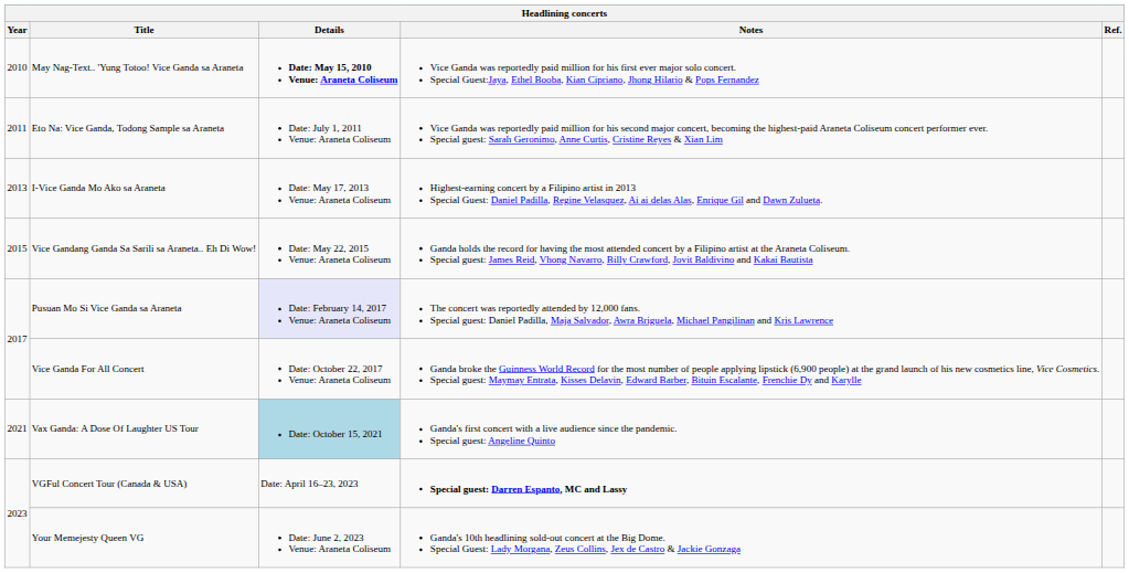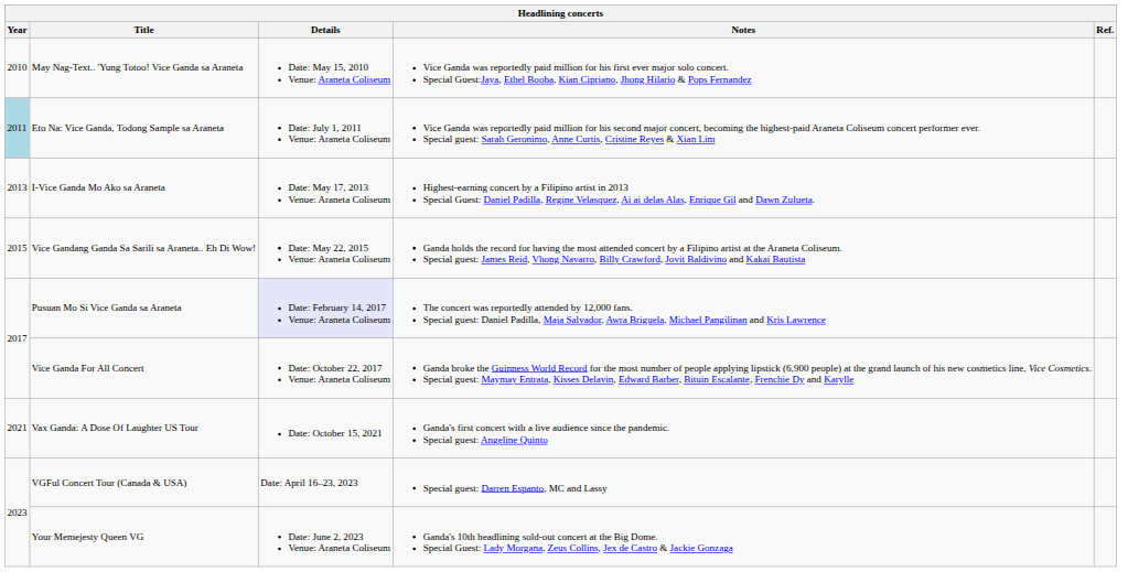 <table class="wikitable sortable" style="font-size:90%;">
 <tr style="background:#75b2dd; text-align:center;">
 <th colspan="5">Headlining concerts</th>
 </tr>
 <tr>
 <th>Year</th>
 <th>Title</th>
 <th>Details</th>
 <th>Notes</th>
 <th>Ref.</th>
 </tr>
 <tr>
 <td>2010</td>
 <td>May Nag-Text.. 'Yung Totoo! Vice Ganda sa Araneta</td>
-<td><strong><br><ul><li>Date: May 15, 2010</li><li>Venue: <a href='#'>Araneta Coliseum</a></li></ul></strong></td>
+<td><br><ul><li>Date: May 15, 2010</li><li>Venue: <a href='#'>Araneta Coliseum</a></li></ul></td>
 <td><br><ul><li>Vice Ganda was reportedly paid  million for his first ever major solo concert.</li><li>Special Guest:<a href='#'>Jaya</a>, <a href='#'>Ethel Booba</a>, <a href='#'>Kian Cipriano</a>, <a href='#'>Jhong Hilario</a> & <a href='#'>Pops Fernandez</a></li></ul></td>
 <td></td>
 </tr>
 <tr>
-<td>2011</td>
+<td style="background: lightblue;">2011</td>
 <td>Eto Na: Vice Ganda, Todong Sample sa Araneta</td>
 <td><br><ul><li>Date: July 1, 2011</li><li>Venue: Araneta Coliseum</li></ul></td>
 <td><br><ul><li>Vice Ganda was reportedly paid  million for his second major concert, becoming the highest-paid Araneta Coliseum concert performer ever.</li><li>Special guest: <a href='#'>Sarah Geronimo</a>, <a href='#'>Anne Curtis</a>, <a href='#'>Cristine Reyes</a> & <a href='#'>Xian Lim</a></li></ul></td>
 <td></td>
 </tr>
 <tr>
 <td>2013</td>
 <td>I-Vice Ganda Mo Ako sa Araneta</td>
 <td><br><ul><li>Date: May 17, 2013</li><li>Venue: Araneta Coliseum</li></ul></td>
 <td><br><ul><li>Highest-earning concert by a Filipino artist in 2013</li><li>Special Guest: <a href='#'>Daniel Padilla</a>, <a href='#'>Regine Velasquez</a>, <a href='#'>Ai ai delas Alas</a>, <a href='#'>Enrique Gil</a> and <a href='#'>Dawn Zulueta</a>.</li></ul></td>
 <td></td>
 </tr>
 <tr>
 <td>2015</td>
 <td>Vice Gandang Ganda Sa Sarili sa Araneta.. Eh Di Wow!</td>
 <td><br><ul><li>Date: May 22, 2015</li><li>Venue: Araneta Coliseum</li></ul></td>
 <td><br><ul><li>Ganda holds the record for having the most attended concert by a Filipino artist at the Araneta Coliseum.</li><li>Special guest: <a href='#'>James Reid</a>, <a href='#'>Vhong Navarro</a>, <a href='#'>Billy Crawford</a>, <a href='#'>Jovit Baldivino</a> and <a href='#'>Kakai Bautista</a></li></ul></td>
 <td></td>
 </tr>
 <tr>
 <td rowspan="2">2017</td>
 <td>Pusuan Mo Si Vice Ganda sa Araneta</td>
 <td style="background: lavender;"><br><ul><li>Date: February 14, 2017</li><li>Venue: Araneta Coliseum</li></ul></td>
 <td><br><ul><li>The concert was reportedly attended by 12,000 fans.</li><li>Special guest: Daniel Padilla, <a href='#'>Maja Salvador</a>, <a href='#'>Awra Briguela</a>, <a href='#'>Michael Pangilinan</a> and <a href='#'>Kris Lawrence</a></li></ul></td>
 <td></td>
 </tr>
 <tr>
 <td>Vice Ganda For All Concert</td>
 <td><br><ul><li>Date: October 22, 2017</li><li>Venue: Araneta Coliseum</li></ul></td>
 <td><br><ul><li>Ganda broke the <a href='#'>Guinness World Record</a> for the most number of people applying lipstick (6,900 people) at the grand launch of his new cosmetics line, <em>Vice Cosmetics</em>.</li><li>Special guest: <a href='#'>Maymay Entrata</a>, <a href='#'>Kisses Delavin</a>, <a href='#'>Edward Barber</a>, <a href='#'>Bituin Escalante</a>, <a href='#'>Frenchie Dy</a> and <a href='#'>Karylle</a></li></ul></td>
 <td></td>
 </tr>
 <tr>
 <td>2021</td>
 <td>Vax Ganda: A Dose Of Laughter US Tour</td>
-<td style="background: lightblue;"><br><ul><li>Date: October 15, 2021</li></ul></td>
+<td><br><ul><li>Date: October 15, 2021</li></ul></td>
 <td><br><ul><li>Ganda's first concert with a live audience since the pandemic.</li><li>Special guest: <a href='#'>Angeline Quinto</a></li></ul></td>
 <td></td>
 </tr>
 <tr>
 <td rowspan="2">2023</td>
 <td>VGFul Concert Tour (Canada & USA)</td>
 <td>Date: April 16–23, 2023</td>
-<td><strong><br><ul><li>Special guest: <a href='#'>Darren Espanto</a>, MC and Lassy</li></ul></strong></td>
+<td><br><ul><li>Special guest: <a href='#'>Darren Espanto</a>, MC and Lassy</li></ul></td>
 <td></td>
 </tr>
 <tr>
 <td>Your Memejesty Queen VG</td>
 <td><br><ul><li>Date: June 2, 2023</li><li>Venue: Araneta Coliseum</li></ul></td>
 <td><br><ul><li>Ganda's 10th headlining sold-out concert at the Big Dome.</li><li>Special Guest: <a href='#'>Lady Morgana</a>, <a href='#'>Zeus Collins</a>, <a href='#'>Jex de Castro</a> & <a href='#'>Jackie Gonzaga</a></li></ul></td>
 <td></td>
 </tr>
 </table>
